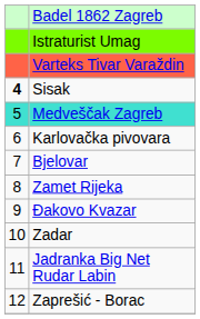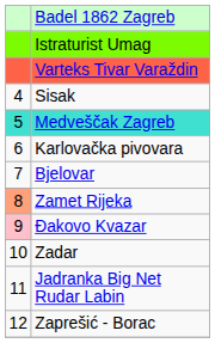 <table class="wikitable" width="200px">
 <tr style="background:#ccffcc">
 <td style="text-align:center"></td>
 <td><a href='#'>Badel 1862 Zagreb</a></td>
 </tr>
 <tr style="background:lawngreen">
 <td style="text-align:center"></td>
 <td>Istraturist Umag</td>
 </tr>
 <tr style="background:tomato">
 <td style="text-align:center"></td>
 <td><a href='#'>Varteks Tivar Varaždin</a></td>
 </tr>
 <tr>
-<td style="text-align:center"><strong>4</strong></td>
+<td style="text-align:center">4</td>
 <td>Sisak</td>
 </tr>
 <tr style="background:turquoise">
 <td style="text-align:center">5</td>
 <td><a href='#'>Medveščak Zagreb</a></td>
 </tr>
 <tr>
 <td style="text-align:center">6</td>
 <td>Karlovačka pivovara</td>
 </tr>
 <tr>
 <td style="text-align:center">7</td>
 <td><a href='#'>Bjelovar</a></td>
 </tr>
 <tr>
-<td style="text-align:center">8</td>
+<td style="background: lightsalmon; text-align:center">8</td>
 <td><a href='#'>Zamet Rijeka</a></td>
 </tr>
 <tr>
-<td style="text-align:center">9</td>
+<td style="background: pink; text-align:center">9</td>
 <td><a href='#'>Đakovo Kvazar</a></td>
 </tr>
 <tr>
 <td style="text-align:center">10</td>
 <td>Zadar</td>
 </tr>
 <tr>
 <td style="text-align:center">11</td>
 <td><a href='#'>Jadranka Big Net Rudar Labin</a></td>
 </tr>
 <tr>
 <td style="text-align:center">12</td>
 <td>Zaprešić - Borac</td>
 </tr>
 <tr>
 </tr>
 </table>
